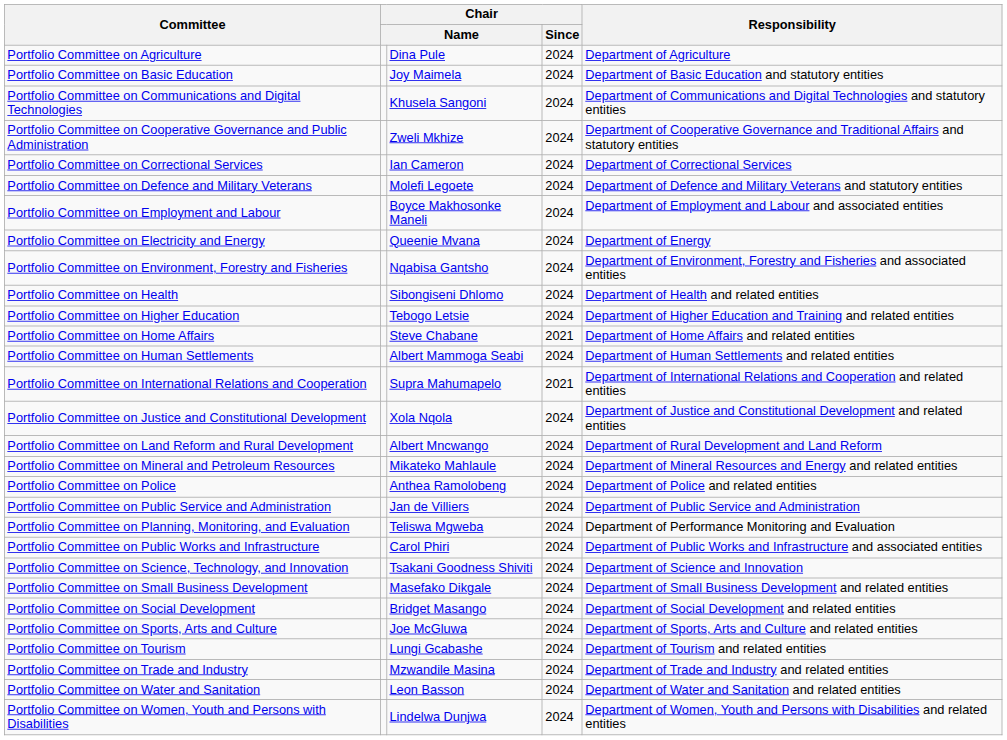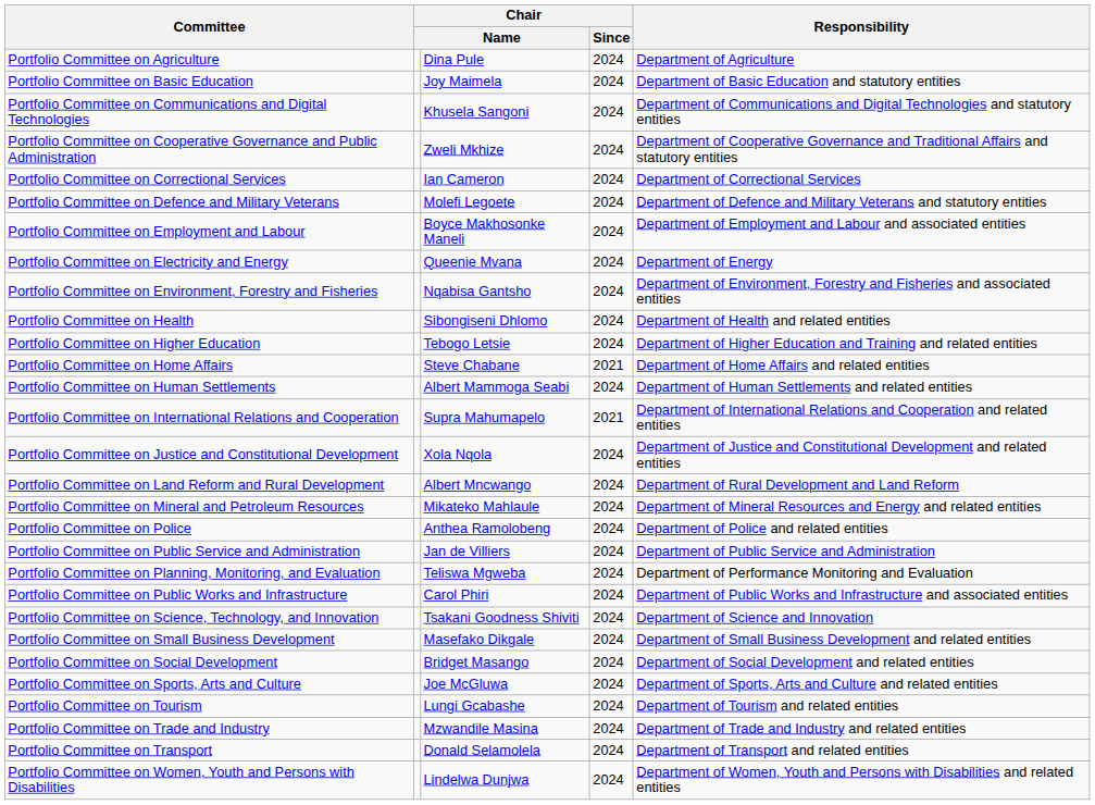 <table class="wikitable">
 <tr>
 <th rowspan="2">Committee</th>
 <th colspan="3">Chair</th>
 <th rowspan="2">Responsibility</th>
 </tr>
 <tr>
 <th colspan="2">Name</th>
 <th>Since</th>
 </tr>
 <tr>
 <td><a href='#'>Portfolio Committee on Agriculture</a></td>
 <td style="background-color: "></td>
 <td><a href='#'>Dina Pule</a></td>
 <td>2024</td>
 <td style="vertical-align: top;"><a href='#'>Department of Agriculture</a></td>
 </tr>
 <tr>
 <td><a href='#'>Portfolio Committee on Basic Education</a></td>
 <td style="background-color: "></td>
 <td><a href='#'>Joy Maimela</a></td>
 <td>2024</td>
 <td style="vertical-align: top;"><a href='#'>Department of Basic Education</a> and statutory entities</td>
 </tr>
 <tr>
 <td><a href='#'>Portfolio Committee on Communications and Digital Technologies</a></td>
 <td style="background-color: "></td>
 <td><a href='#'>Khusela Sangoni</a></td>
 <td>2024</td>
 <td style="vertical-align: top;"><a href='#'>Department of Communications and Digital Technologies</a> and statutory entities</td>
 </tr>
 <tr>
 <td><a href='#'>Portfolio Committee on Cooperative Governance and Public Administration</a></td>
 <td style="background-color: "></td>
 <td><a href='#'>Zweli Mkhize</a></td>
 <td>2024</td>
 <td style="vertical-align: top;"><a href='#'>Department of Cooperative Governance and Traditional Affairs</a> and statutory entities</td>
 </tr>
 <tr>
 <td><a href='#'>Portfolio Committee on Correctional Services</a></td>
 <td style="background-color: "></td>
 <td><a href='#'>Ian Cameron</a></td>
 <td>2024</td>
 <td><a href='#'>Department of Correctional Services</a></td>
 </tr>
 <tr>
 <td><a href='#'>Portfolio Committee on Defence and Military Veterans</a></td>
 <td style="background-color: "></td>
 <td><a href='#'>Molefi Legoete</a></td>
 <td>2024</td>
 <td style="vertical-align: top;"><a href='#'>Department of Defence and Military Veterans</a> and statutory entities</td>
 </tr>
 <tr>
 <td><a href='#'>Portfolio Committee on Employment and Labour</a></td>
 <td style="background-color: "></td>
 <td><a href='#'>Boyce Makhosonke Maneli</a></td>
 <td>2024</td>
 <td style="vertical-align: top;"><a href='#'>Department of Employment and Labour</a> and associated entities</td>
 </tr>
 <tr>
 <td><a href='#'>Portfolio Committee on Electricity and Energy</a></td>
 <td style="background-color: "></td>
 <td><a href='#'>Queenie Mvana</a></td>
 <td>2024</td>
 <td><a href='#'>Department of Energy</a></td>
 </tr>
 <tr>
 <td><a href='#'>Portfolio Committee on Environment, Forestry and Fisheries</a></td>
 <td style="background-color: "></td>
 <td><a href='#'>Nqabisa Gantsho</a></td>
 <td>2024</td>
 <td style="vertical-align: top;"><a href='#'>Department of Environment, Forestry and Fisheries</a> and associated entities</td>
 </tr>
 <tr>
 <td><a href='#'>Portfolio Committee on Health</a></td>
 <td style="background-color: "></td>
 <td><a href='#'>Sibongiseni Dhlomo</a></td>
 <td>2024</td>
 <td style="vertical-align: top;"><a href='#'>Department of Health</a> and related entities</td>
 </tr>
 <tr>
 <td><a href='#'>Portfolio Committee on Higher Education</a></td>
 <td style="background:"></td>
 <td><a href='#'>Tebogo Letsie</a></td>
 <td>2024</td>
 <td style="vertical-align: top;"><a href='#'>Department of Higher Education and Training</a> and related entities</td>
 </tr>
 <tr>
 <td><a href='#'>Portfolio Committee on Home Affairs</a></td>
 <td style="background-color: "></td>
 <td><a href='#'>Steve Chabane</a></td>
 <td>2021</td>
 <td style="vertical-align: top;"><a href='#'>Department of Home Affairs</a> and related entities</td>
 </tr>
 <tr>
 <td><a href='#'>Portfolio Committee on Human Settlements</a></td>
 <td style="background-color: "></td>
 <td style="white-space: nowrap;"><a href='#'>Albert Mammoga Seabi</a></td>
 <td>2024</td>
 <td style="vertical-align: top;"><a href='#'>Department of Human Settlements</a> and related entities</td>
 </tr>
 <tr>
 <td><a href='#'>Portfolio Committee on International Relations and Cooperation</a></td>
 <td style="background-color: "></td>
 <td><a href='#'>Supra Mahumapelo</a></td>
 <td>2021</td>
 <td style="vertical-align: top;"><a href='#'>Department of International Relations and Cooperation</a> and related entities</td>
 </tr>
 <tr>
 <td><a href='#'>Portfolio Committee on Justice and Constitutional Development</a></td>
 <td style="background-color: "></td>
 <td><a href='#'>Xola Nqola</a></td>
 <td>2024</td>
 <td style="vertical-align: top;"><a href='#'>Department of Justice and Constitutional Development</a> and related entities</td>
 </tr>
 <tr>
 <td><a href='#'>Portfolio Committee on Land Reform and Rural Development</a></td>
 <td style="background-color: "></td>
 <td><a href='#'>Albert Mncwango</a></td>
 <td>2024</td>
 <td><a href='#'>Department of Rural Development and Land Reform</a></td>
 </tr>
 <tr>
 <td><a href='#'>Portfolio Committee on Mineral and Petroleum Resources</a></td>
 <td style="background-color: "></td>
 <td><a href='#'>Mikateko Mahlaule</a></td>
 <td>2024</td>
 <td style="vertical-align: top;"><a href='#'>Department of Mineral Resources and Energy</a> and related entities</td>
 </tr>
 <tr>
 <td><a href='#'>Portfolio Committee on Police</a></td>
 <td style="background-color: "></td>
 <td><a href='#'>Anthea Ramolobeng</a></td>
 <td>2024</td>
 <td style="vertical-align: top;"><a href='#'>Department of Police</a> and related entities</td>
 </tr>
 <tr>
 <td><a href='#'>Portfolio Committee on Public Service and Administration</a></td>
 <td style="background-color: "></td>
 <td><a href='#'>Jan de Villiers</a></td>
 <td>2024</td>
 <td style="vertical-align: top;"><a href='#'>Department of Public Service and Administration</a></td>
 </tr>
 <tr>
 <td><a href='#'>Portfolio Committee on Planning, Monitoring, and Evaluation</a></td>
 <td style="background-color: "></td>
 <td><a href='#'>Teliswa Mgweba</a></td>
 <td>2024</td>
 <td>Department of Performance Monitoring and Evaluation</td>
 </tr>
 <tr>
 <td><a href='#'>Portfolio Committee on Public Works and Infrastructure</a></td>
 <td style="background-color: "></td>
 <td><a href='#'>Carol Phiri</a></td>
 <td>2024</td>
 <td style="vertical-align: top;"><a href='#'>Department of Public Works and Infrastructure</a> and associated entities</td>
 </tr>
 <tr>
 <td><a href='#'>Portfolio Committee on Science, Technology, and Innovation</a></td>
 <td style="background-color: "></td>
 <td><a href='#'>Tsakani Goodness Shiviti</a></td>
 <td>2024</td>
 <td><a href='#'>Department of Science and Innovation</a></td>
 </tr>
 <tr>
 <td><a href='#'>Portfolio Committee on Small Business Development</a></td>
 <td style="background-color: "></td>
 <td><a href='#'>Masefako Dikgale</a></td>
 <td>2024</td>
 <td style="vertical-align: top;"><a href='#'>Department of Small Business Development</a> and related entities</td>
 </tr>
 <tr>
 <td><a href='#'>Portfolio Committee on Social Development</a></td>
 <td style="background:"></td>
 <td><a href='#'>Bridget Masango</a></td>
 <td>2024</td>
 <td style="vertical-align: top;"><a href='#'>Department of Social Development</a> and related entities</td>
 </tr>
 <tr>
 <td><a href='#'>Portfolio Committee on Sports, Arts and Culture</a></td>
 <td style="background:"></td>
 <td><a href='#'>Joe McGluwa</a></td>
 <td>2024</td>
 <td style="vertical-align: top;"><a href='#'>Department of Sports, Arts and Culture</a> and related entities</td>
 </tr>
 <tr>
 <td><a href='#'>Portfolio Committee on Tourism</a></td>
 <td style="background:"></td>
 <td><a href='#'>Lungi Gcabashe</a></td>
 <td>2024</td>
 <td style="vertical-align: top;"><a href='#'>Department of Tourism</a> and related entities</td>
 </tr>
 <tr>
 <td><a href='#'>Portfolio Committee on Trade and Industry</a></td>
 <td style="background:"></td>
 <td><a href='#'>Mzwandile Masina</a></td>
 <td>2024</td>
 <td style="vertical-align: top;"><a href='#'>Department of Trade and Industry</a> and related entities</td>
 </tr>
 <tr>
-<td><a href='#'>Portfolio Committee on Water and Sanitation</a></td>
+<td><a href='#'>Portfolio Committee on Transport</a></td>
 <td style="background:"></td>
-<td><a href='#'>Leon Basson</a></td>
+<td><a href='#'>Donald Selamolela</a></td>
 <td>2024</td>
-<td style="vertical-align: top;"><a href='#'>Department of Water and Sanitation</a> and related entities</td>
+<td style="vertical-align: top;"><a href='#'>Department of Transport</a> and related entities</td>
 </tr>
 <tr>
 <td><a href='#'>Portfolio Committee on Women, Youth and Persons with Disabilities</a></td>
 <td style="background:"></td>
 <td><a href='#'>Lindelwa Dunjwa</a></td>
 <td>2024</td>
 <td style="vertical-align: top;"><a href='#'>Department of Women, Youth and Persons with Disabilities</a> and related entities</td>
 </tr>
 </table>
